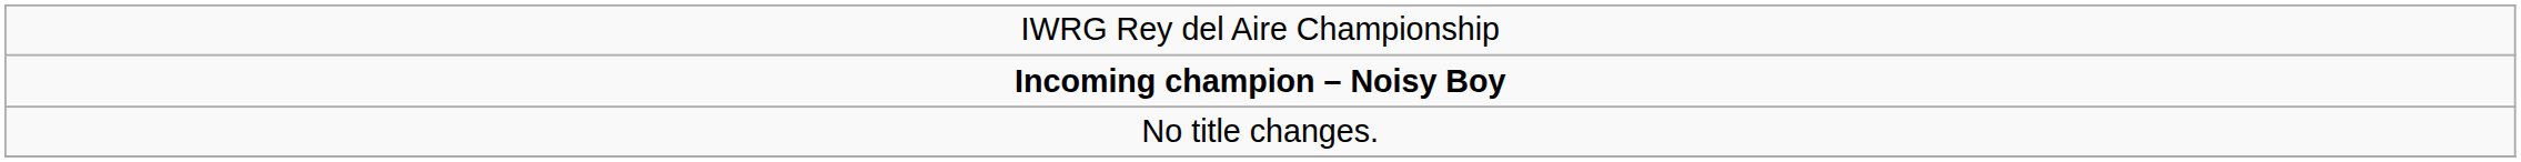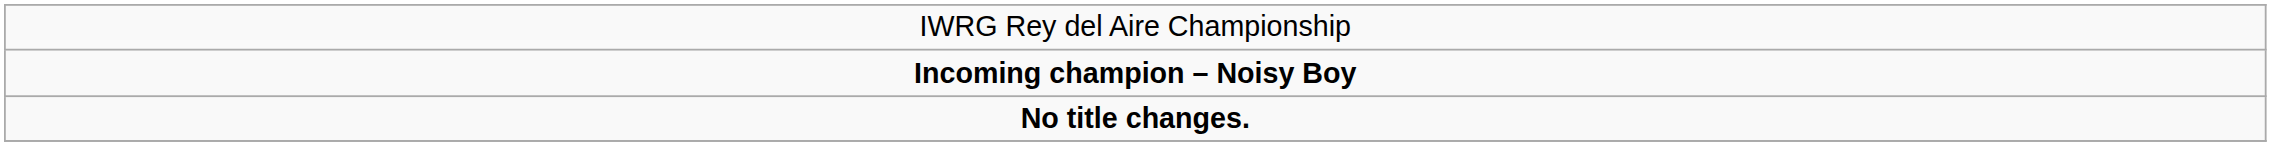 <table class="wikitable" style="text-align:center; width:100%;">
 <tr>
 <td colspan="4" style="text-align: center;">IWRG Rey del Aire Championship</td>
 </tr>
 <tr>
 <td colspan="4" style="text-align: center;"><strong>Incoming champion – Noisy Boy</strong></td>
 </tr>
 <tr>
-<td>No title changes.</td>
+<td><strong>No title changes.</strong></td>
 </tr>
 <tr>
 </tr>
 </table>
